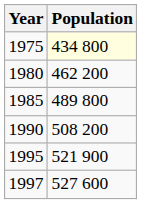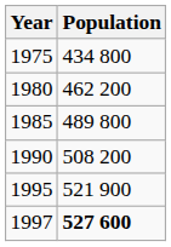 <table class="wikitable">
 <tr>
 <th>Year</th>
 <th>Population</th>
 </tr>
 <tr>
 <td>1975</td>
-<td style="background: lightyellow;">434 800</td>
+<td>434 800</td>
 </tr>
 <tr>
 <td>1980</td>
 <td>462 200</td>
 </tr>
 <tr>
 <td>1985</td>
 <td>489 800</td>
 </tr>
 <tr>
 <td>1990</td>
 <td>508 200</td>
 </tr>
 <tr>
 <td>1995</td>
 <td>521 900</td>
 </tr>
 <tr>
 <td>1997</td>
-<td>527 600</td>
+<td><strong>527 600</strong></td>
 </tr>
 </table>
